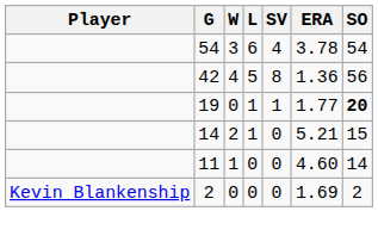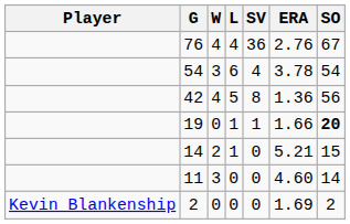 <table class="wikitable sortable" style="text-align:center">
 <tr>
 <th>Player</th>
 <th>G</th>
 <th>W</th>
 <th>L</th>
 <th>SV</th>
 <th>ERA</th>
 <th>SO</th>
+</tr>
+<tr>
+<td></td>
+<td>76</td>
+<td>4</td>
+<td>4</td>
+<td>36</td>
+<td>2.76</td>
+<td>67</td>
 </tr>
 <tr>
 <td></td>
 <td>54</td>
 <td>3</td>
 <td>6</td>
 <td>4</td>
 <td>3.78</td>
 <td>54</td>
 </tr>
 <tr>
 <td></td>
 <td>42</td>
 <td>4</td>
 <td>5</td>
 <td>8</td>
 <td>1.36</td>
 <td>56</td>
 </tr>
 <tr>
 <td></td>
 <td>19</td>
 <td>0</td>
 <td>1</td>
 <td>1</td>
-<td>1.77</td>
+<td>1.66</td>
 <td><strong>20</strong></td>
 </tr>
 <tr>
 <td></td>
 <td>14</td>
 <td>2</td>
 <td>1</td>
 <td>0</td>
 <td>5.21</td>
 <td>15</td>
 </tr>
 <tr>
 <td></td>
 <td>11</td>
-<td>1</td>
+<td>3</td>
 <td>0</td>
 <td>0</td>
 <td>4.60</td>
 <td>14</td>
 </tr>
 <tr>
 <td><a href='#'>Kevin Blankenship</a></td>
 <td>2</td>
 <td>0</td>
 <td>0</td>
 <td>0</td>
 <td>1.69</td>
 <td>2</td>
 </tr>
 </table>
